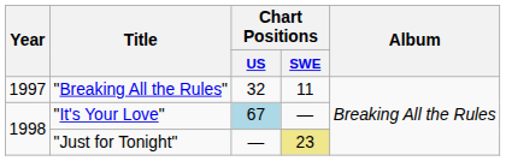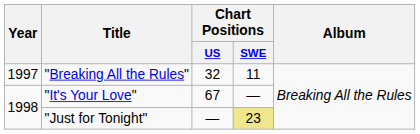 <table class="wikitable">
 <tr>
 <th rowspan=2>Year</th>
 <th rowspan=2>Title</th>
 <th colspan=2>Chart Positions</th>
 <th rowspan=2>Album</th>
 </tr>
 <tr>
 <th width="40"><small><a href='#'>US</a></small></th>
 <th width="40"><small><a href='#'>SWE</a></small></th>
 </tr>
 <tr>
 <td>1997</td>
 <td>"<a href='#'>Breaking All the Rules</a>"</td>
 <td align="center">32</td>
 <td align="center">11</td>
 <td rowspan=3><em>Breaking All the Rules</em></td>
 </tr>
 <tr>
 <td rowspan=2>1998</td>
 <td>"<a href='#'>It's Your Love</a>"</td>
-<td align="center" style="background: lightblue;">67</td>
+<td align="center">67</td>
 <td align="center">—</td>
 </tr>
 <tr>
 <td>"Just for Tonight"</td>
 <td align="center">—</td>
 <td align="center" style="background: khaki;">23</td>
 </tr>
 </table>
